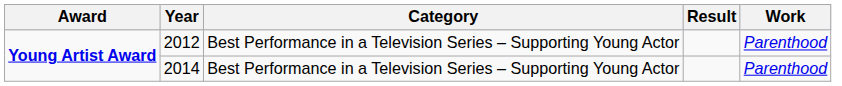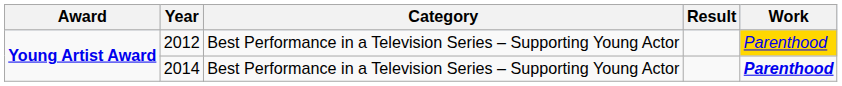 <table class="wikitable">
 <tr style="background:#b0c4de; text-align:center;">
 <th>Award</th>
 <th>Year</th>
 <th>Category</th>
 <th>Result</th>
 <th>Work</th>
 </tr>
 <tr>
 <td rowspan=2><strong><a href='#'>Young Artist Award</a></strong></td>
 <td>2012</td>
 <td>Best Performance in a Television Series – Supporting Young Actor</td>
 <td></td>
-<td><em><a href='#'>Parenthood</a></em></td>
+<td style="background: gold;"><em><a href='#'>Parenthood</a></em></td>
 </tr>
 <tr>
 <td>2014</td>
 <td>Best Performance in a Television Series – Supporting Young Actor</td>
 <td></td>
-<td><em><a href='#'>Parenthood</a></em></td>
+<td><strong><em><a href='#'>Parenthood</a></em></strong></td>
 </tr>
 </table>
